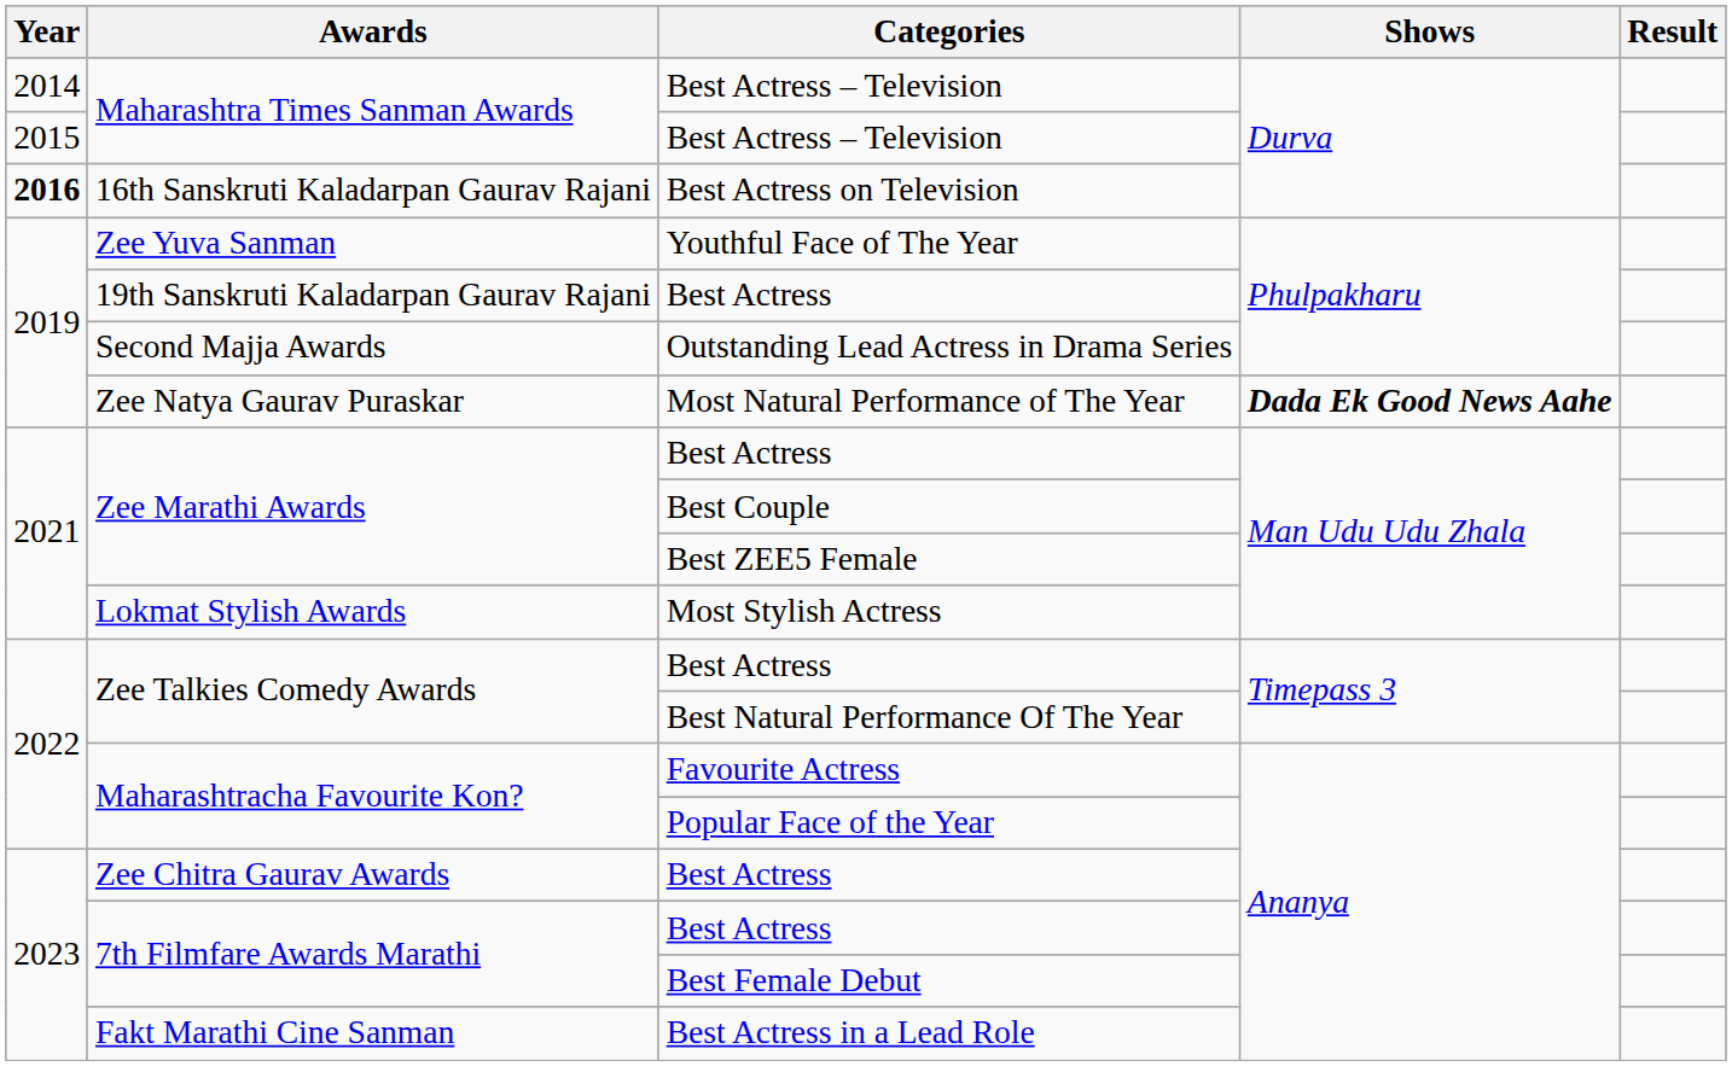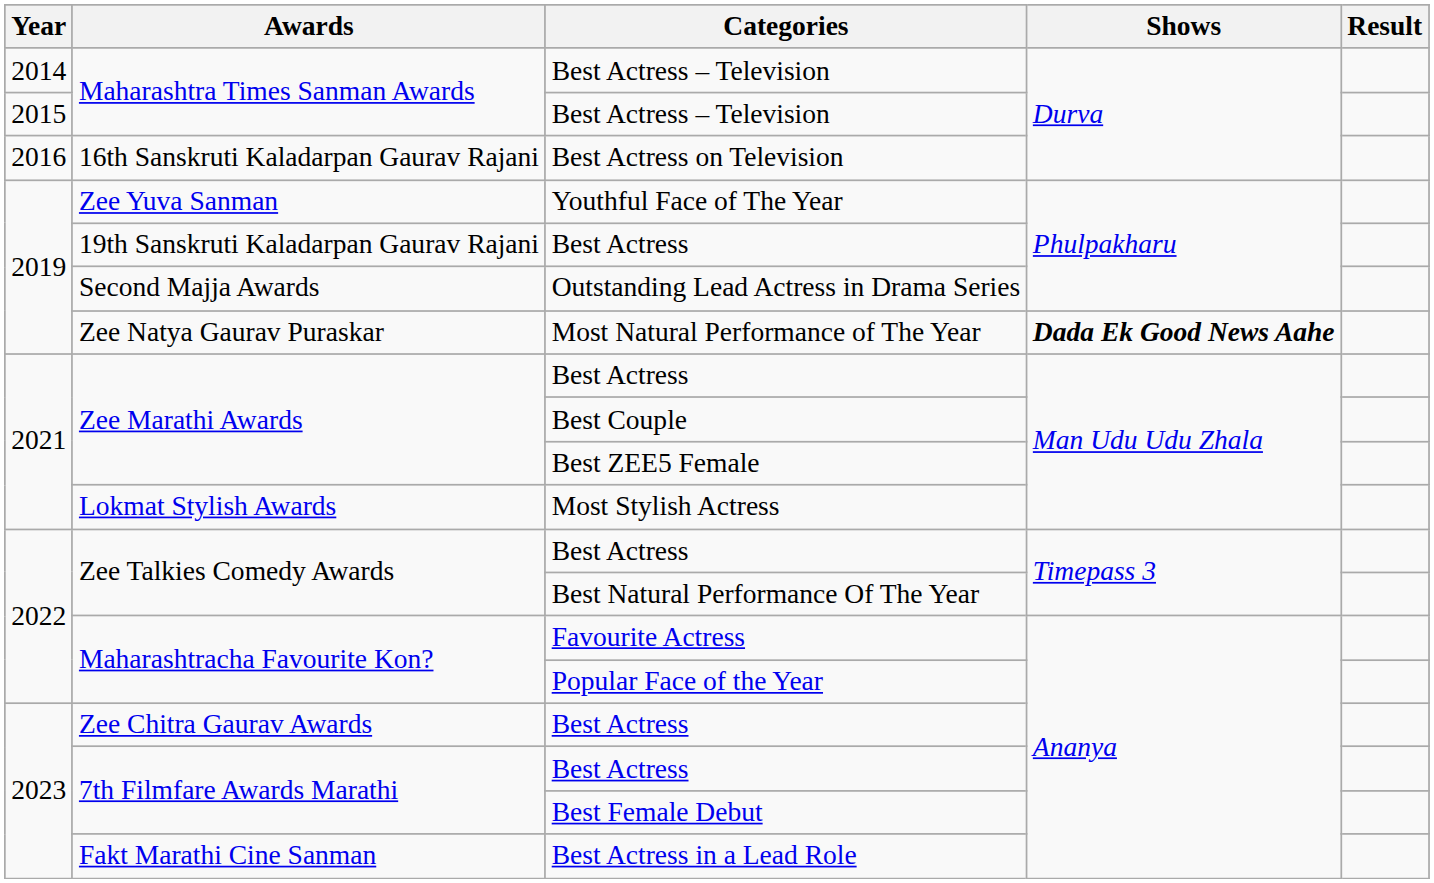 <table class="wikitable">
 <tr>
 <th>Year</th>
 <th>Awards</th>
 <th>Categories</th>
 <th>Shows</th>
 <th>Result</th>
 </tr>
 <tr>
 <td>2014</td>
 <td rowspan="2"><a href='#'>Maharashtra Times Sanman Awards</a></td>
 <td>Best Actress – Television</td>
 <td rowspan="3"><em><a href='#'>Durva</a></em></td>
 <td></td>
 </tr>
 <tr>
 <td>2015</td>
 <td>Best Actress – Television</td>
 <td></td>
 </tr>
 <tr>
-<td><strong>2016</strong></td>
+<td>2016</td>
 <td>16th Sanskruti Kaladarpan Gaurav Rajani</td>
 <td>Best Actress on Television</td>
 <td></td>
 </tr>
 <tr>
 <td rowspan="4">2019</td>
 <td><a href='#'>Zee Yuva Sanman</a></td>
 <td>Youthful Face of The Year</td>
 <td rowspan="3"><em><a href='#'>Phulpakharu</a></em></td>
 <td></td>
 </tr>
 <tr>
 <td>19th Sanskruti Kaladarpan Gaurav Rajani</td>
 <td>Best Actress</td>
 <td></td>
 </tr>
 <tr>
 <td>Second Majja Awards</td>
 <td>Outstanding Lead Actress in Drama Series</td>
 <td></td>
 </tr>
 <tr>
 <td>Zee Natya Gaurav Puraskar</td>
 <td>Most Natural Performance of The Year</td>
 <td><strong><em>Dada Ek Good News Aahe</em></strong></td>
 <td></td>
 </tr>
 <tr>
 <td rowspan="4">2021</td>
 <td rowspan="3"><a href='#'>Zee Marathi Awards</a></td>
 <td>Best Actress</td>
 <td rowspan="4"><em><a href='#'>Man Udu Udu Zhala</a></em></td>
 <td></td>
 </tr>
 <tr>
 <td>Best Couple</td>
 <td></td>
 </tr>
 <tr>
 <td>Best ZEE5 Female</td>
 <td></td>
 </tr>
 <tr>
 <td><a href='#'>Lokmat Stylish Awards</a></td>
 <td>Most Stylish Actress</td>
 <td></td>
 </tr>
 <tr>
 <td rowspan="4">2022</td>
 <td rowspan="2">Zee Talkies Comedy Awards</td>
 <td>Best Actress</td>
 <td rowspan="2"><em><a href='#'>Timepass 3</a></em></td>
 <td></td>
 </tr>
 <tr>
 <td>Best Natural Performance Of The Year</td>
 <td></td>
 </tr>
 <tr>
 <td rowspan="2"><a href='#'>Maharashtracha Favourite Kon?</a></td>
 <td><a href='#'>Favourite Actress</a></td>
 <td rowspan="6"><em><a href='#'>Ananya</a></em></td>
 <td></td>
 </tr>
 <tr>
 <td><a href='#'>Popular Face of the Year</a></td>
 <td></td>
 </tr>
 <tr>
 <td rowspan="4">2023</td>
 <td><a href='#'>Zee Chitra Gaurav Awards</a></td>
 <td><a href='#'>Best Actress</a></td>
 <td></td>
 </tr>
 <tr>
 <td rowspan="2"><a href='#'>7th Filmfare Awards Marathi</a></td>
 <td><a href='#'>Best Actress</a></td>
 <td></td>
 </tr>
 <tr>
 <td><a href='#'>Best Female Debut</a></td>
 <td></td>
 </tr>
 <tr>
 <td><a href='#'>Fakt Marathi Cine Sanman</a></td>
 <td><a href='#'>Best Actress in a Lead Role</a></td>
 <td></td>
 </tr>
 </table>
